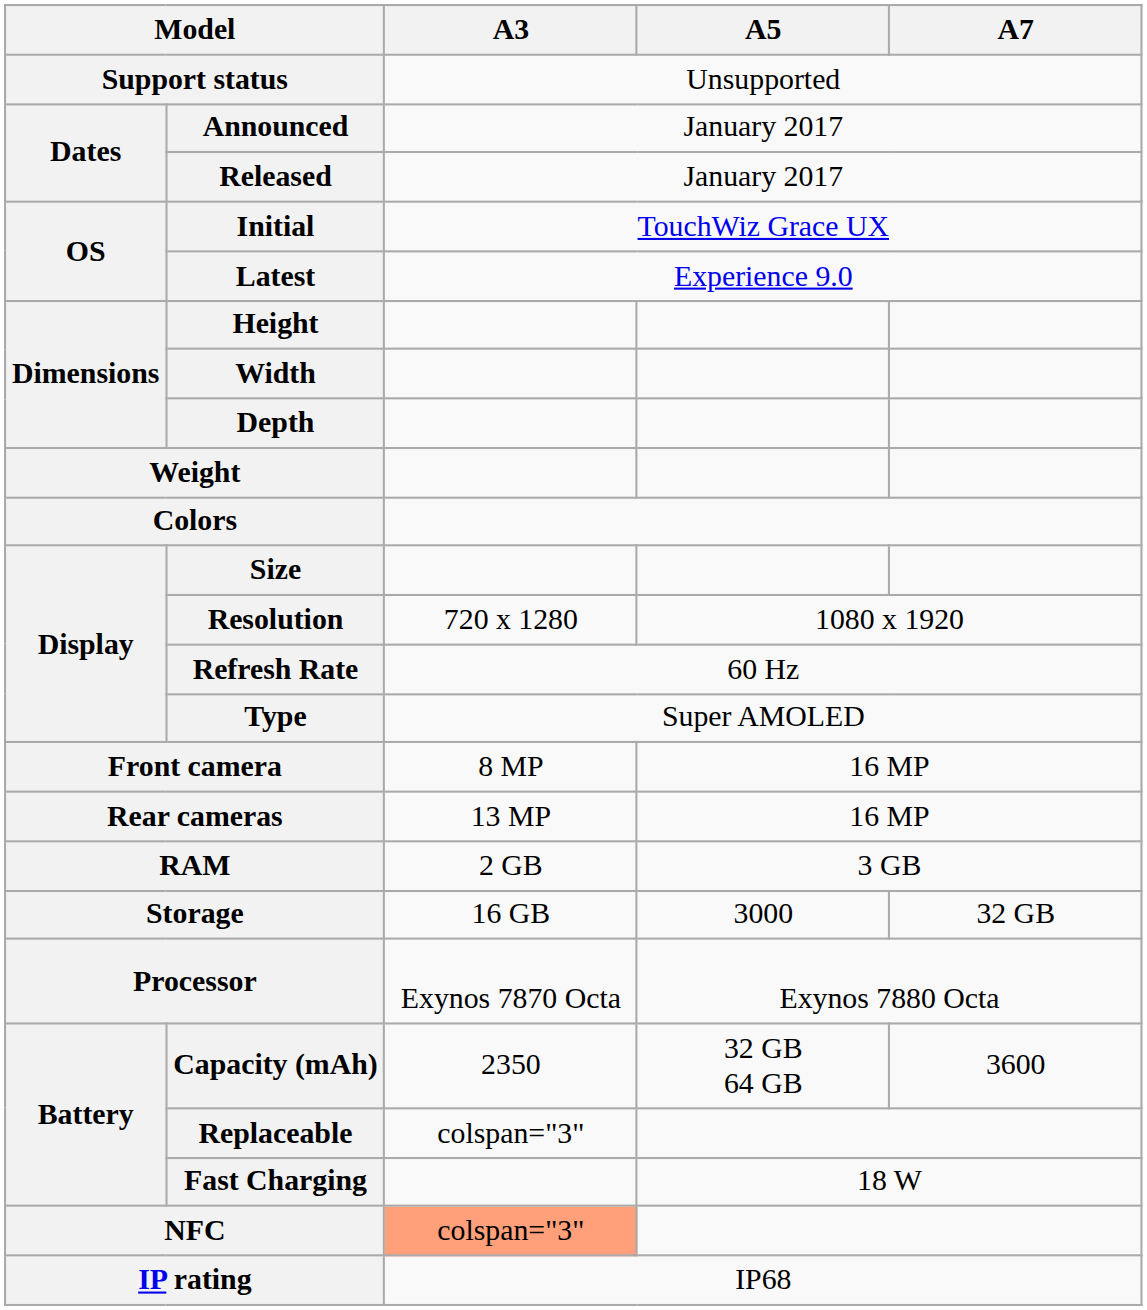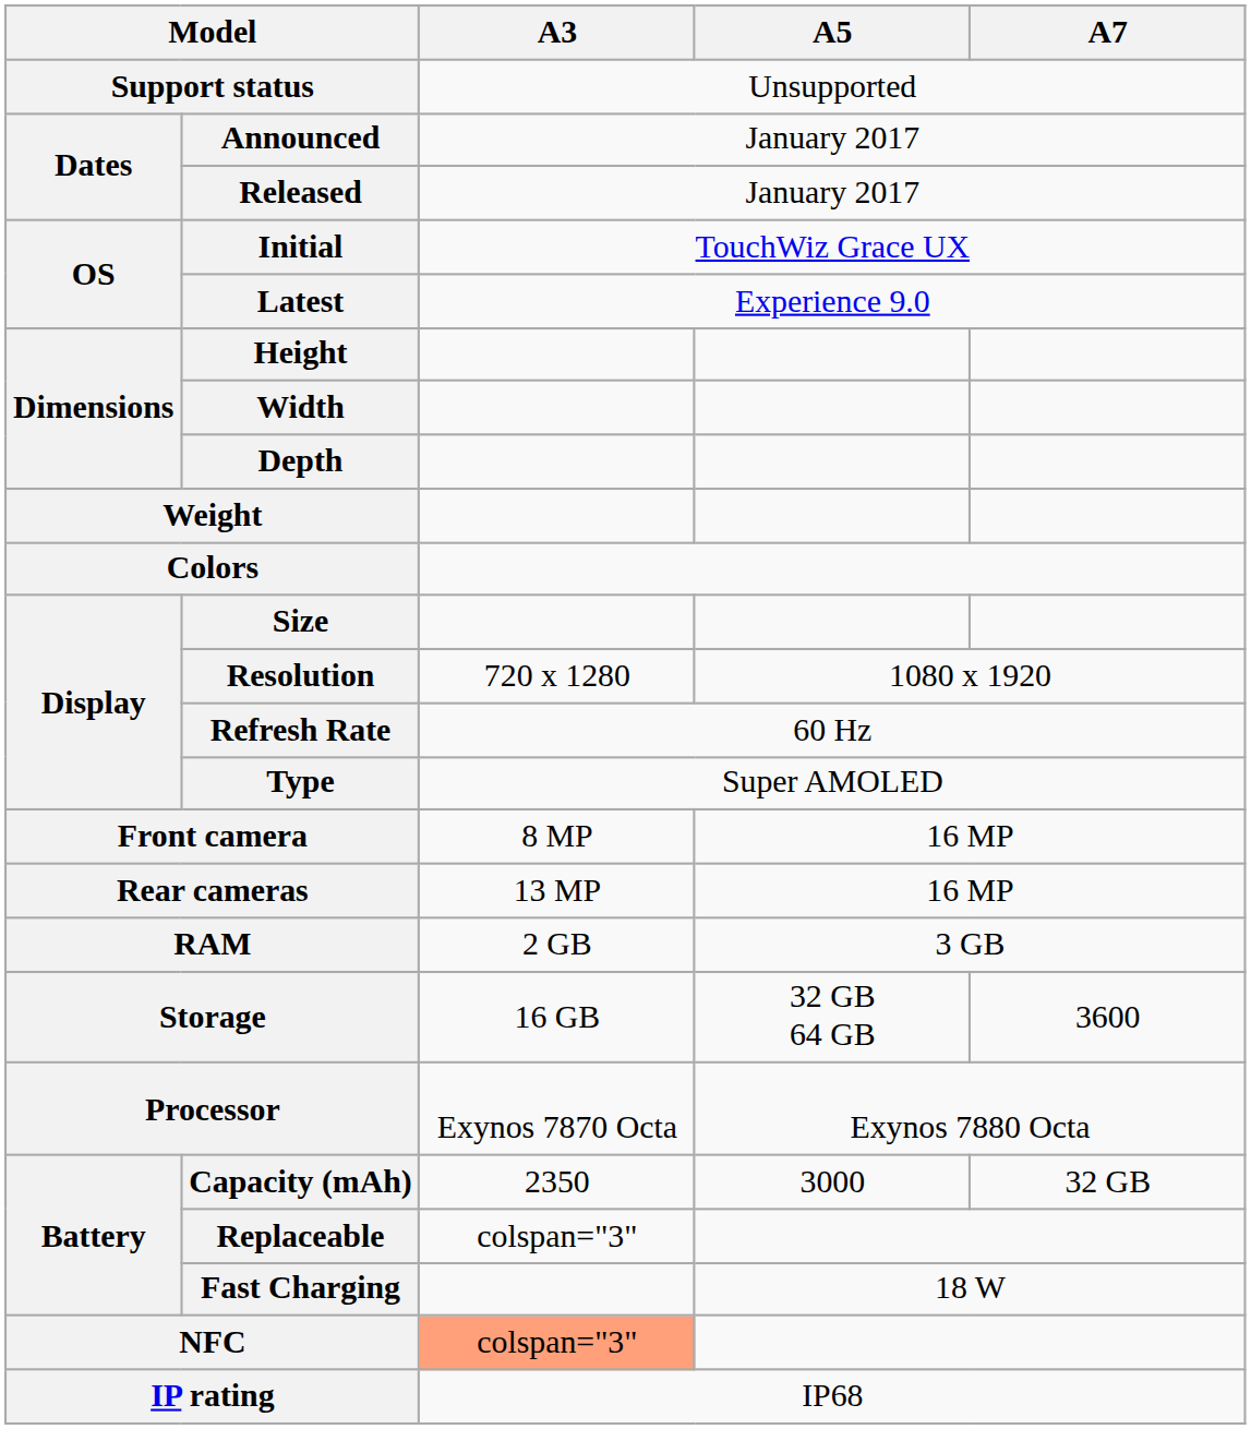 <table class="wikitable" style="text-align:center; font-size:90%;">
 <tr>
 <th colspan="2">Model</th>
 <th style="min-width: 8em">A3</th>
 <th style="min-width: 8em">A5</th>
 <th style="min-width: 8em">A7</th>
 </tr>
 <tr>
 <th colspan="2">Support status</th>
 <td colspan="3">Unsupported</td>
 </tr>
 <tr>
 <th rowspan="2">Dates</th>
 <th>Announced</th>
 <td colspan="3">January 2017</td>
 </tr>
 <tr>
 <th>Released</th>
 <td colspan="3">January 2017</td>
 </tr>
 <tr>
 <th rowspan="2">OS</th>
 <th>Initial</th>
 <td colspan="3"><a href='#'>TouchWiz Grace UX</a><br></td>
 </tr>
 <tr>
 <th>Latest</th>
 <td colspan="3"><a href='#'>Experience 9.0</a><br></td>
 </tr>
 <tr>
 <th rowspan="3">Dimensions<br></th>
 <th>Height</th>
 <td></td>
 <td></td>
 <td></td>
 </tr>
 <tr>
 <th>Width</th>
 <td></td>
 <td></td>
 <td></td>
 </tr>
 <tr>
 <th>Depth</th>
 <td></td>
 <td></td>
 <td></td>
 </tr>
 <tr>
 <th colspan="2">Weight<br></th>
 <td></td>
 <td></td>
 <td></td>
 </tr>
 <tr>
 <th colspan="2">Colors</th>
 <td colspan="3">   </td>
 </tr>
 <tr>
 <th rowspan="4">Display</th>
 <th>Size</th>
 <td></td>
 <td></td>
 <td></td>
 </tr>
 <tr>
 <th>Resolution</th>
 <td>720 x 1280</td>
 <td colspan="2">1080 x 1920</td>
 </tr>
 <tr>
 <th>Refresh Rate</th>
 <td colspan="3">60 Hz</td>
 </tr>
 <tr>
 <th>Type</th>
 <td colspan="3">Super AMOLED</td>
 </tr>
 <tr>
 <th colspan="2">Front camera</th>
 <td>8 MP</td>
 <td colspan="2">16 MP</td>
 </tr>
 <tr>
 <th colspan="2">Rear cameras</th>
 <td>13 MP</td>
 <td colspan="2">16 MP</td>
 </tr>
 <tr>
 <th colspan="2">RAM</th>
 <td>2 GB</td>
 <td colspan="2">3 GB</td>
 </tr>
 <tr>
 <th colspan="2">Storage</th>
 <td>16 GB</td>
-<td>3000</td>
-<td>32 GB</td>
+<td>32 GB<br>64 GB</td>
+<td>3600</td>
 </tr>
 <tr>
 <th colspan="2">Processor</th>
 <td><br>Exynos 7870 Octa</td>
 <td colspan="2"><br>Exynos 7880 Octa</td>
 </tr>
 <tr>
 <th rowspan="3">Battery</th>
 <th>Capacity (mAh)</th>
 <td>2350</td>
-<td>32 GB<br>64 GB</td>
-<td>3600</td>
+<td>3000</td>
+<td>32 GB</td>
 </tr>
 <tr>
 <th>Replaceable</th>
 <td>colspan="3" </td>
 </tr>
 <tr>
 <th>Fast Charging</th>
 <td></td>
 <td colspan="2">18 W</td>
 </tr>
 <tr>
 <th colspan="2">NFC</th>
 <td style="background: lightsalmon;">colspan="3" </td>
 </tr>
 <tr>
 <th colspan="2"><a href='#'>IP</a> rating</th>
 <td colspan="3">IP68</td>
 </tr>
 </table>
